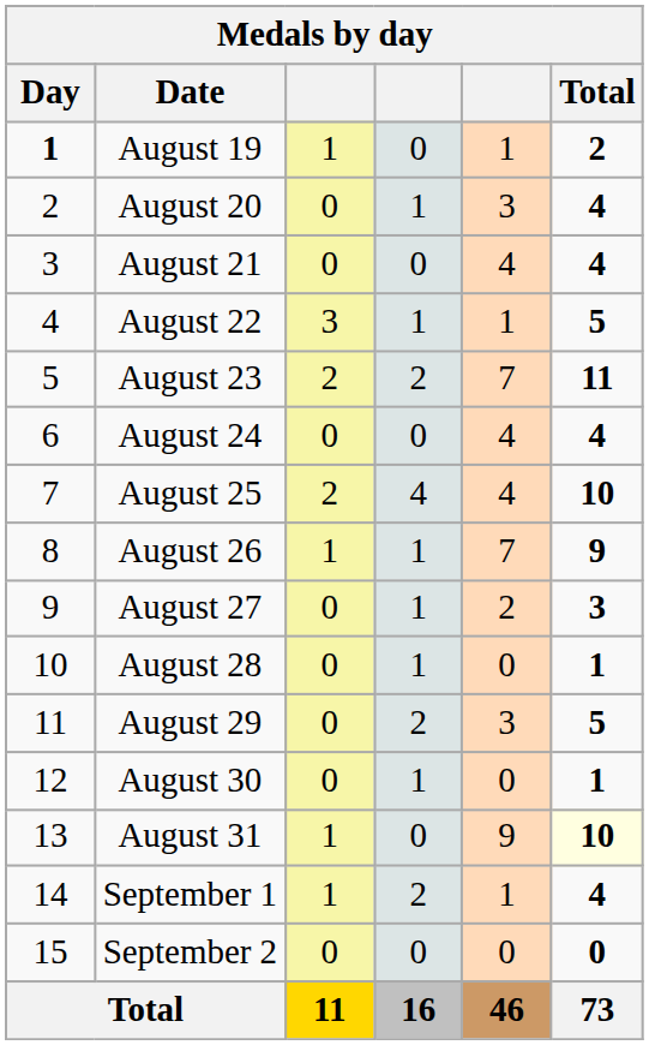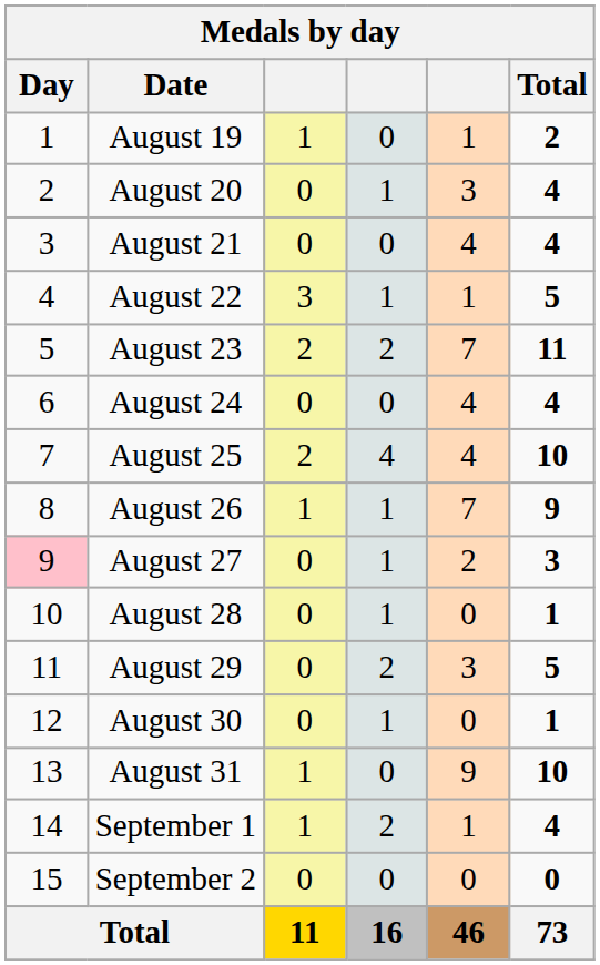 <table class=wikitable style="font-size:90%;text-align:center">
 <tr>
 <th colspan=7>Medals by day</th>
 </tr>
 <tr>
 <th width="30">Day</th>
 <th>Date</th>
 <th width="30" bgcolor="F7F6A8"></th>
 <th width="30" bgcolor="DCE5E5"></th>
 <th width="30" bgcolor="FFDAB9"></th>
 <th width="30">Total</th>
 </tr>
 <tr>
-<td><strong>1</strong></td>
+<td>1</td>
 <td>August 19</td>
 <td bgcolor=F7F6A8>1</td>
 <td bgcolor=DCE5E5>0</td>
 <td bgcolor=FFDAB9>1</td>
 <td><strong>2</strong></td>
 </tr>
 <tr>
 <td>2</td>
 <td>August 20</td>
 <td bgcolor=F7F6A8>0</td>
 <td bgcolor=DCE5E5>1</td>
 <td bgcolor=FFDAB9>3</td>
 <td><strong>4</strong></td>
 </tr>
 <tr>
 <td>3</td>
 <td>August 21</td>
 <td bgcolor=F7F6A8>0</td>
 <td bgcolor=DCE5E5>0</td>
 <td bgcolor=FFDAB9>4</td>
 <td><strong>4</strong></td>
 </tr>
 <tr>
 <td>4</td>
 <td>August 22</td>
 <td bgcolor=F7F6A8>3</td>
 <td bgcolor=DCE5E5>1</td>
 <td bgcolor=FFDAB9>1</td>
 <td><strong>5</strong></td>
 </tr>
 <tr>
 <td>5</td>
 <td>August 23</td>
 <td bgcolor=F7F6A8>2</td>
 <td bgcolor=DCE5E5>2</td>
 <td bgcolor=FFDAB9>7</td>
 <td><strong>11</strong></td>
 </tr>
 <tr>
 <td>6</td>
 <td>August 24</td>
 <td bgcolor=F7F6A8>0</td>
 <td bgcolor=DCE5E5>0</td>
 <td bgcolor=FFDAB9>4</td>
 <td><strong>4</strong></td>
 </tr>
 <tr>
 <td>7</td>
 <td>August 25</td>
 <td bgcolor=F7F6A8>2</td>
 <td bgcolor=DCE5E5>4</td>
 <td bgcolor=FFDAB9>4</td>
 <td><strong>10</strong></td>
 </tr>
 <tr>
 <td>8</td>
 <td>August 26</td>
 <td bgcolor=F7F6A8>1</td>
 <td bgcolor=DCE5E5>1</td>
 <td bgcolor=FFDAB9>7</td>
 <td><strong>9</strong></td>
 </tr>
 <tr>
-<td>9</td>
+<td style="background: pink;">9</td>
 <td>August 27</td>
 <td bgcolor=F7F6A8>0</td>
 <td bgcolor=DCE5E5>1</td>
 <td bgcolor=FFDAB9>2</td>
 <td><strong>3</strong></td>
 </tr>
 <tr>
 <td>10</td>
 <td>August 28</td>
 <td bgcolor=F7F6A8>0</td>
 <td bgcolor=DCE5E5>1</td>
 <td bgcolor=FFDAB9>0</td>
 <td><strong>1</strong></td>
 </tr>
 <tr>
 <td>11</td>
 <td>August 29</td>
 <td bgcolor=F7F6A8>0</td>
 <td bgcolor=DCE5E5>2</td>
 <td bgcolor=FFDAB9>3</td>
 <td><strong>5</strong></td>
 </tr>
 <tr>
 <td>12</td>
 <td>August 30</td>
 <td bgcolor=F7F6A8>0</td>
 <td bgcolor=DCE5E5>1</td>
 <td bgcolor=FFDAB9>0</td>
 <td><strong>1</strong></td>
 </tr>
 <tr>
 <td>13</td>
 <td>August 31</td>
 <td bgcolor=F7F6A8>1</td>
 <td bgcolor=DCE5E5>0</td>
 <td bgcolor=FFDAB9>9</td>
-<td style="background: lightyellow;"><strong>10</strong></td>
+<td><strong>10</strong></td>
 </tr>
 <tr>
 <td>14</td>
 <td>September 1</td>
 <td bgcolor=F7F6A8>1</td>
 <td bgcolor=DCE5E5>2</td>
 <td bgcolor=FFDAB9>1</td>
 <td><strong>4</strong></td>
 </tr>
 <tr>
 <td>15</td>
 <td>September 2</td>
 <td bgcolor=F7F6A8>0</td>
 <td bgcolor=DCE5E5>0</td>
 <td bgcolor=FFDAB9>0</td>
 <td><strong>0</strong></td>
 </tr>
 <tr>
 <th colspan="2">Total</th>
 <th style="background:gold">11</th>
 <th style="background:silver">16</th>
 <th style="background:#c96">46</th>
 <th>73</th>
 </tr>
 </table>
